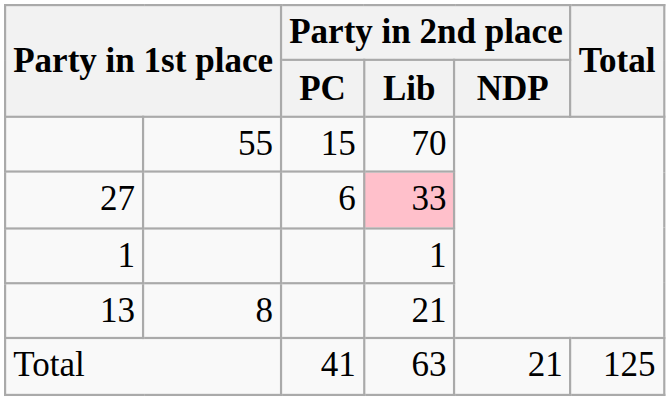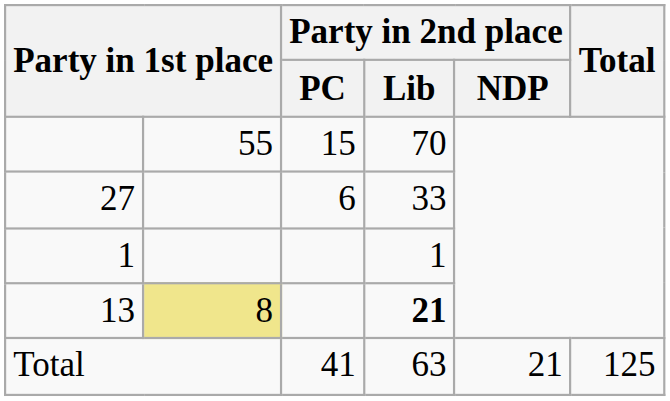 <table class="wikitable" style="text-align:right;">
 <tr>
 <th rowspan="2" colspan="2" style="text-align:left;">Party in 1st place</th>
 <th colspan="3">Party in 2nd place</th>
 <th rowspan="2">Total</th>
 </tr>
 <tr>
 <th>PC</th>
 <th>Lib</th>
 <th>NDP</th>
 </tr>
 <tr>
 <td></td>
 <td>55</td>
 <td>15</td>
 <td>70</td>
 </tr>
 <tr>
 <td>27</td>
 <td></td>
 <td>6</td>
-<td style="background: pink;">33</td>
+<td>33</td>
 </tr>
 <tr>
 <td>1</td>
 <td></td>
 <td></td>
 <td>1</td>
 </tr>
 <tr>
 <td>13</td>
-<td>8</td>
+<td style="background: khaki;">8</td>
 <td></td>
-<td>21</td>
+<td><strong>21</strong></td>
 </tr>
 <tr>
 <td colspan="2" style="text-align:left;">Total</td>
 <td>41</td>
 <td>63</td>
 <td>21</td>
 <td>125</td>
 </tr>
 </table>
